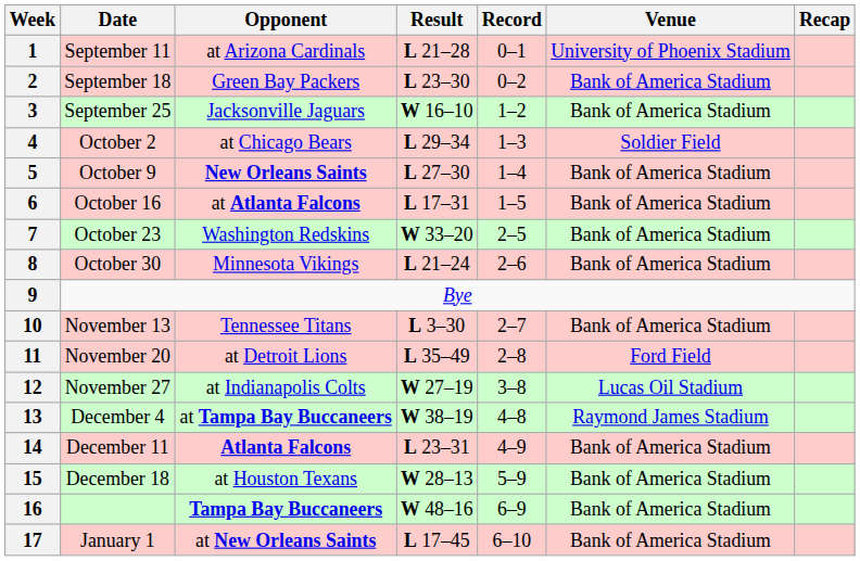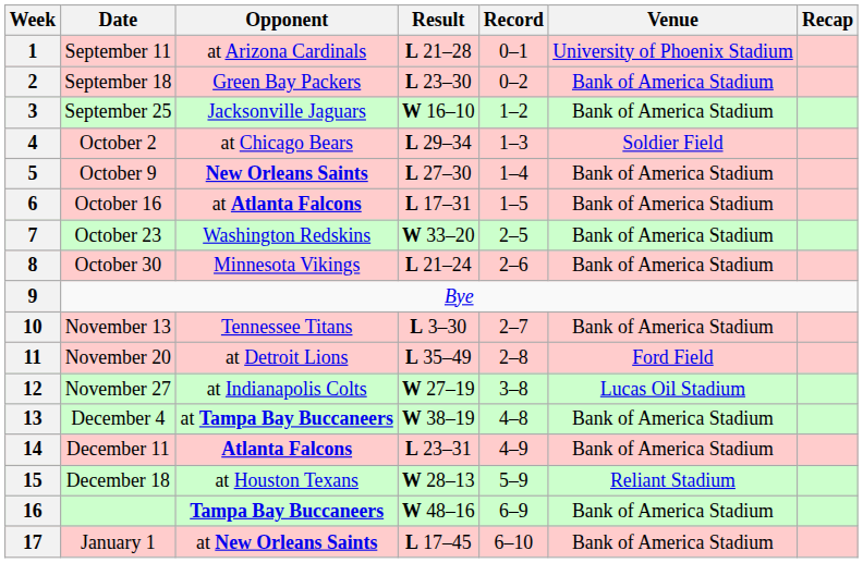 <table class="wikitable" style="text-align:center">
 <tr>
 <th>Week</th>
 <th>Date</th>
 <th>Opponent</th>
 <th>Result</th>
 <th>Record</th>
 <th>Venue</th>
 <th>Recap</th>
 </tr>
 <tr style="background:#fcc">
 <th>1</th>
 <td>September 11</td>
 <td>at <a href='#'>Arizona Cardinals</a></td>
 <td><strong>L</strong> 21–28</td>
 <td>0–1</td>
 <td><a href='#'>University of Phoenix Stadium</a></td>
 <td></td>
 </tr>
 <tr style="background:#fcc">
 <th>2</th>
 <td>September 18</td>
 <td><a href='#'>Green Bay Packers</a></td>
 <td><strong>L</strong> 23–30</td>
 <td>0–2</td>
 <td><a href='#'>Bank of America Stadium</a></td>
 <td></td>
 </tr>
 <tr style="background:#cfc">
 <th>3</th>
 <td>September 25</td>
 <td><a href='#'>Jacksonville Jaguars</a></td>
 <td><strong>W</strong> 16–10</td>
 <td>1–2</td>
 <td>Bank of America Stadium</td>
 <td></td>
 </tr>
 <tr style="background:#fcc">
 <th>4</th>
 <td>October 2</td>
 <td>at <a href='#'>Chicago Bears</a></td>
 <td><strong>L</strong> 29–34</td>
 <td>1–3</td>
 <td><a href='#'>Soldier Field</a></td>
 <td></td>
 </tr>
 <tr style="background:#fcc">
 <th>5</th>
 <td>October 9</td>
 <td><strong><a href='#'>New Orleans Saints</a></strong></td>
 <td><strong>L</strong> 27–30</td>
 <td>1–4</td>
 <td>Bank of America Stadium</td>
 <td></td>
 </tr>
 <tr style="background:#fcc">
 <th>6</th>
 <td>October 16</td>
 <td>at <strong><a href='#'>Atlanta Falcons</a></strong></td>
 <td><strong>L</strong> 17–31</td>
 <td>1–5</td>
 <td>Bank of America Stadium</td>
 <td></td>
 </tr>
 <tr style="background:#cfc">
 <th>7</th>
 <td>October 23</td>
 <td><a href='#'>Washington Redskins</a></td>
 <td><strong>W</strong> 33–20</td>
 <td>2–5</td>
 <td>Bank of America Stadium</td>
 <td></td>
 </tr>
 <tr style="background:#fcc">
 <th>8</th>
 <td>October 30</td>
 <td><a href='#'>Minnesota Vikings</a></td>
 <td><strong>L</strong> 21–24</td>
 <td>2–6</td>
 <td>Bank of America Stadium</td>
 <td></td>
 </tr>
 <tr>
 <th>9</th>
 <td colspan="6"><em><a href='#'>Bye</a></em></td>
 </tr>
 <tr style="background:#fcc">
 <th>10</th>
 <td>November 13</td>
 <td><a href='#'>Tennessee Titans</a></td>
 <td><strong>L</strong> 3–30</td>
 <td>2–7</td>
 <td>Bank of America Stadium</td>
 <td></td>
 </tr>
 <tr style="background:#fcc">
 <th>11</th>
 <td>November 20</td>
 <td>at <a href='#'>Detroit Lions</a></td>
 <td><strong>L</strong> 35–49</td>
 <td>2–8</td>
 <td><a href='#'>Ford Field</a></td>
 <td></td>
 </tr>
 <tr style="background:#cfc">
 <th>12</th>
 <td>November 27</td>
 <td>at <a href='#'>Indianapolis Colts</a></td>
 <td><strong>W</strong> 27–19</td>
 <td>3–8</td>
 <td><a href='#'>Lucas Oil Stadium</a></td>
 <td></td>
 </tr>
 <tr style="background:#cfc">
 <th>13</th>
 <td>December 4</td>
 <td>at <strong><a href='#'>Tampa Bay Buccaneers</a></strong></td>
 <td><strong>W</strong> 38–19</td>
 <td>4–8</td>
-<td><a href='#'>Raymond James Stadium</a></td>
+<td>Bank of America Stadium</td>
 <td></td>
 </tr>
 <tr style="background:#fcc">
 <th>14</th>
 <td>December 11</td>
 <td><strong><a href='#'>Atlanta Falcons</a></strong></td>
 <td><strong>L</strong> 23–31</td>
 <td>4–9</td>
 <td>Bank of America Stadium</td>
 <td></td>
 </tr>
 <tr style="background:#cfc">
 <th>15</th>
 <td>December 18</td>
 <td>at <a href='#'>Houston Texans</a></td>
 <td><strong>W</strong> 28–13</td>
 <td>5–9</td>
-<td>Bank of America Stadium</td>
+<td><a href='#'>Reliant Stadium</a></td>
 <td></td>
 </tr>
 <tr style="background:#cfc">
 <th>16</th>
 <td></td>
 <td><strong><a href='#'>Tampa Bay Buccaneers</a></strong></td>
 <td><strong>W</strong> 48–16</td>
 <td>6–9</td>
 <td>Bank of America Stadium</td>
 <td></td>
 </tr>
 <tr style="background:#fcc">
 <th>17</th>
 <td>January 1</td>
 <td>at <strong><a href='#'>New Orleans Saints</a></strong></td>
 <td><strong>L</strong> 17–45</td>
 <td>6–10</td>
 <td>Bank of America Stadium</td>
 <td></td>
 </tr>
 </table>
